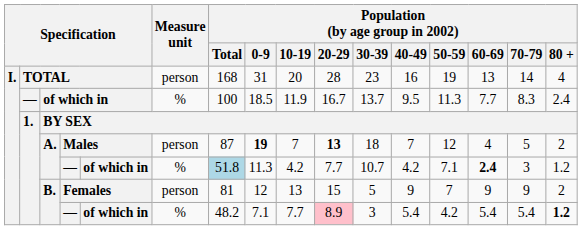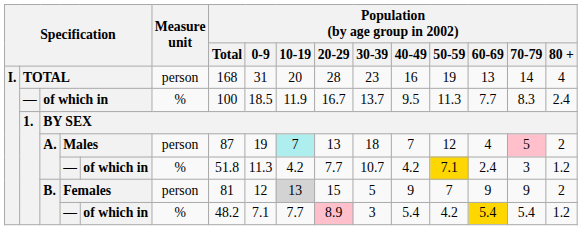 <table class="wikitable" style="font-size:85%; text-align:center">
 <tr>
 <th rowspan="2" colspan="5">Specification</th>
 <th rowspan="2">Measure<br> unit</th>
 <th colspan="10" rowspan="1">Population<br> (by age group in 2002)</th>
 </tr>
 <tr>
 <th>Total</th>
 <th>0-9</th>
 <th>10-19</th>
 <th>20-29</th>
 <th>30-39</th>
 <th>40-49</th>
 <th>50-59</th>
 <th>60-69</th>
 <th>70-79</th>
 <th>80 +</th>
 </tr>
 <tr>
 <th style="text-align:left" valign="top" rowspan="7">I.</th>
 <th style="text-align:left" colspan="4">TOTAL</th>
 <td>person</td>
 <td>168</td>
 <td>31</td>
 <td>20</td>
 <td>28</td>
 <td>23</td>
 <td>16</td>
 <td>19</td>
 <td>13</td>
 <td>14</td>
 <td>4</td>
 </tr>
 <tr>
 <th style="text-align:left" valign="top">—</th>
 <th style="text-align:left" colspan="3">of which in</th>
 <td>%</td>
 <td>100</td>
 <td>18.5</td>
 <td>11.9</td>
 <td>16.7</td>
 <td>13.7</td>
 <td>9.5</td>
 <td>11.3</td>
 <td>7.7</td>
 <td>8.3</td>
 <td>2.4</td>
 </tr>
 <tr>
 <th style="text-align:left" valign="top" rowspan="5">1.</th>
 <th style="text-align:left" colspan="14">BY SEX</th>
 </tr>
 <tr>
 <th style="text-align:left" valign="top" rowspan="2">A.</th>
 <th style="text-align:left" colspan="2">Males</th>
 <td>person</td>
 <td>87</td>
-<td><strong>19</strong></td>
-<td>7</td>
-<td><strong>13</strong></td>
+<td>19</td>
+<td style="background: paleturquoise;">7</td>
+<td>13</td>
 <td>18</td>
 <td>7</td>
 <td>12</td>
 <td>4</td>
-<td>5</td>
+<td style="background: pink;">5</td>
 <td>2</td>
 </tr>
 <tr>
 <th style="text-align:left" valign="top">—</th>
 <th style="text-align:left" colspan="1">of which in</th>
 <td>%</td>
-<td style="background: lightblue;">51.8</td>
+<td>51.8</td>
 <td>11.3</td>
 <td>4.2</td>
 <td>7.7</td>
 <td>10.7</td>
 <td>4.2</td>
-<td>7.1</td>
-<td><strong>2.4</strong></td>
+<td style="background: gold;">7.1</td>
+<td>2.4</td>
 <td>3</td>
 <td>1.2</td>
 </tr>
 <tr>
 <th style="text-align:left" valign="top" rowspan="2">B.</th>
 <th style="text-align:left" colspan="2">Females</th>
 <td>person</td>
 <td>81</td>
 <td>12</td>
-<td>13</td>
+<td style="background: lightgrey;">13</td>
 <td>15</td>
 <td>5</td>
 <td>9</td>
 <td>7</td>
 <td>9</td>
 <td>9</td>
 <td>2</td>
 </tr>
 <tr>
 <th style="text-align:left" valign="top">—</th>
 <th style="text-align:left" colspan="1">of which in</th>
 <td>%</td>
 <td>48.2</td>
 <td>7.1</td>
 <td>7.7</td>
 <td style="background: pink;">8.9</td>
 <td>3</td>
 <td>5.4</td>
 <td>4.2</td>
+<td style="background: gold;">5.4</td>
 <td>5.4</td>
-<td>5.4</td>
-<td><strong>1.2</strong></td>
+<td>1.2</td>
 </tr>
 </table>
